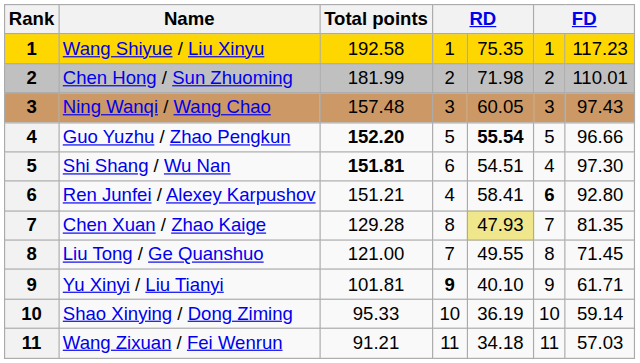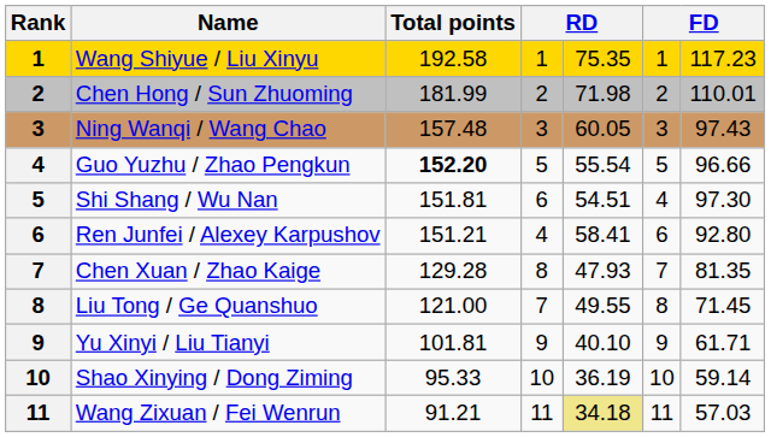 <table class="wikitable sortable">
 <tr>
 <th>Rank</th>
 <th>Name</th>
 <th>Total points</th>
 <th colspan="2" width="80px" align="center"><a href='#'>RD</a></th>
 <th colspan="2" width="80px" align="center"><a href='#'>FD</a></th>
 </tr>
 <tr bgcolor="gold">
 <td align="center" bgcolor="gold"><strong>1</strong></td>
 <td><a href='#'>Wang Shiyue</a> / <a href='#'>Liu Xinyu</a></td>
 <td align="center">192.58</td>
 <td align="center">1</td>
 <td align="center">75.35</td>
 <td align="center">1</td>
 <td align="center">117.23</td>
 </tr>
 <tr bgcolor="silver">
 <td align="center" bgcolor="silver"><strong>2</strong></td>
 <td><a href='#'>Chen Hong</a> / <a href='#'>Sun Zhuoming</a></td>
 <td align="center">181.99</td>
 <td align="center">2</td>
 <td align="center">71.98</td>
 <td align="center">2</td>
 <td align="center">110.01</td>
 </tr>
 <tr bgcolor="cc9966">
 <td align="center" bgcolor="cc9966"><strong>3</strong></td>
 <td><a href='#'>Ning Wanqi</a> / <a href='#'>Wang Chao</a></td>
 <td align="center">157.48</td>
 <td align="center">3</td>
 <td align="center">60.05</td>
 <td align="center">3</td>
 <td align="center">97.43</td>
 </tr>
 <tr>
 <th>4</th>
 <td><a href='#'>Guo Yuzhu</a> / <a href='#'>Zhao Pengkun</a></td>
 <td align="center"><strong>152.20</strong></td>
 <td align="center">5</td>
-<td align="center"><strong>55.54</strong></td>
+<td align="center">55.54</td>
 <td align="center">5</td>
 <td align="center">96.66</td>
 </tr>
 <tr>
 <th>5</th>
 <td><a href='#'>Shi Shang</a> / <a href='#'>Wu Nan</a></td>
-<td align="center"><strong>151.81</strong></td>
+<td align="center">151.81</td>
 <td align="center">6</td>
 <td align="center">54.51</td>
 <td align="center">4</td>
 <td align="center">97.30</td>
 </tr>
 <tr>
 <th>6</th>
 <td><a href='#'>Ren Junfei</a> / <a href='#'>Alexey Karpushov</a></td>
 <td align="center">151.21</td>
 <td align="center">4</td>
 <td align="center">58.41</td>
-<td align="center"><strong>6</strong></td>
+<td align="center">6</td>
 <td align="center">92.80</td>
 </tr>
 <tr>
 <th>7</th>
 <td><a href='#'>Chen Xuan</a> / <a href='#'>Zhao Kaige</a></td>
 <td align="center">129.28</td>
 <td align="center">8</td>
-<td align="center" style="background: khaki;">47.93</td>
+<td align="center">47.93</td>
 <td align="center">7</td>
 <td align="center">81.35</td>
 </tr>
 <tr>
 <th>8</th>
 <td><a href='#'>Liu Tong</a> / <a href='#'>Ge Quanshuo</a></td>
 <td align="center">121.00</td>
 <td align="center">7</td>
 <td align="center">49.55</td>
 <td align="center">8</td>
 <td align="center">71.45</td>
 </tr>
 <tr>
 <th>9</th>
 <td><a href='#'>Yu Xinyi</a> / <a href='#'>Liu Tianyi</a></td>
 <td align="center">101.81</td>
-<td align="center"><strong>9</strong></td>
+<td align="center">9</td>
 <td align="center">40.10</td>
 <td align="center">9</td>
 <td align="center">61.71</td>
 </tr>
 <tr>
 <th>10</th>
 <td><a href='#'>Shao Xinying</a> / <a href='#'>Dong Ziming</a></td>
 <td align="center">95.33</td>
 <td align="center">10</td>
 <td align="center">36.19</td>
 <td align="center">10</td>
 <td align="center">59.14</td>
 </tr>
 <tr>
 <th>11</th>
 <td><a href='#'>Wang Zixuan</a> / <a href='#'>Fei Wenrun</a></td>
 <td align="center">91.21</td>
 <td align="center">11</td>
-<td align="center">34.18</td>
+<td align="center" style="background: khaki;">34.18</td>
 <td align="center">11</td>
 <td align="center">57.03</td>
 </tr>
 </table>
